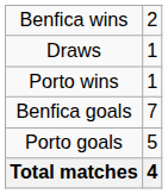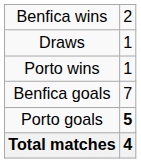 <table class="wikitable" style="text-align:center">
 <tr>
 <td>Benfica wins</td>
 <td>2</td>
 </tr>
 <tr>
 <td>Draws</td>
 <td>1</td>
 </tr>
 <tr>
 <td>Porto wins</td>
 <td>1</td>
 </tr>
 <tr>
 <td>Benfica goals</td>
 <td>7</td>
 </tr>
 <tr>
 <td>Porto goals</td>
-<td>5</td>
+<td><strong>5</strong></td>
 </tr>
 <tr>
 <th><strong>Total matches</strong></th>
 <th><strong>4</strong></th>
 </tr>
 </table>
